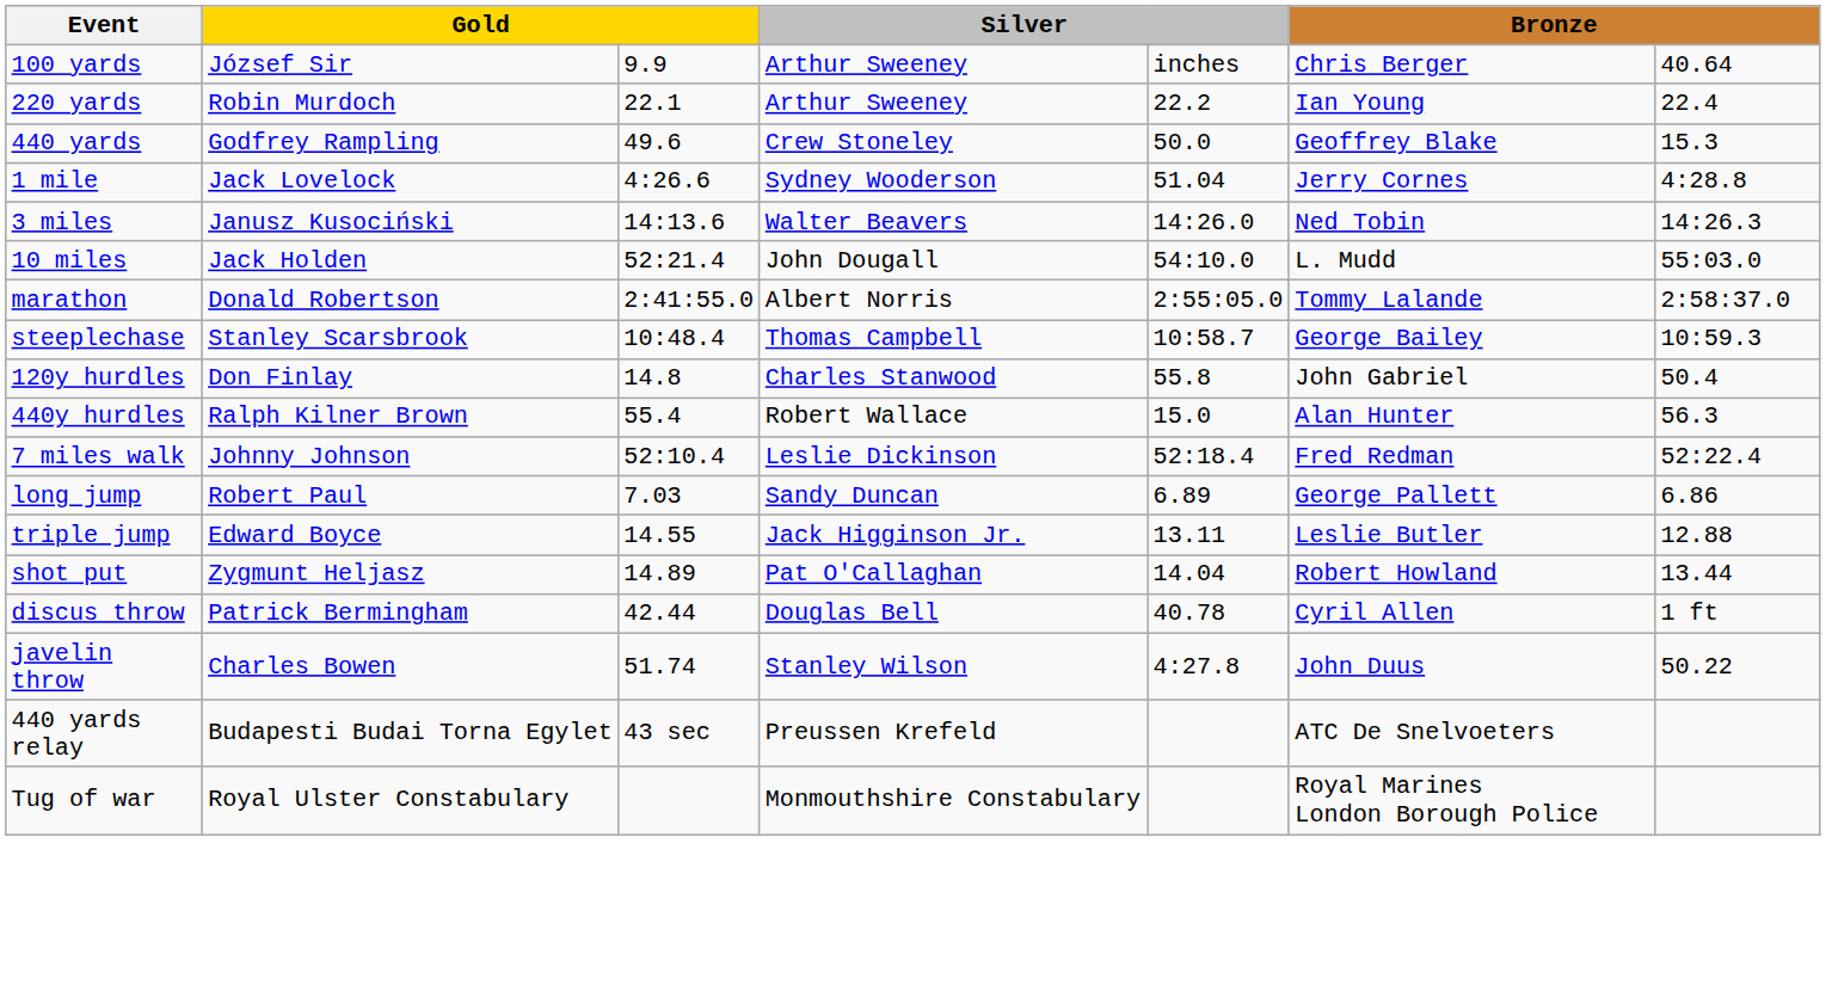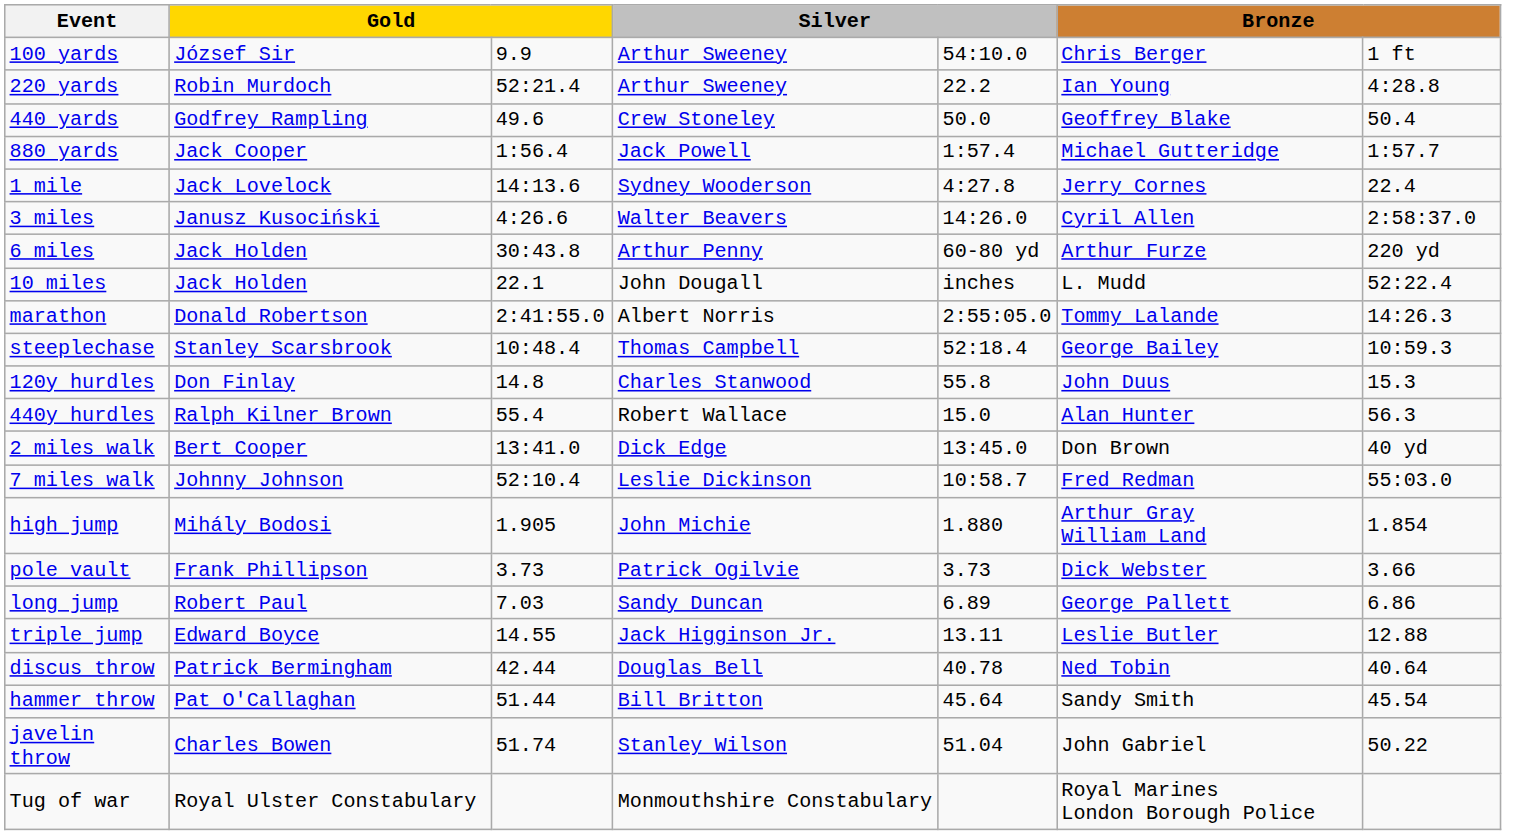 <table class="wikitable" style="text-align:left">
 <tr>
 <th width=100>Event</th>
 <th colspan="2" width="280" style="background:gold;">Gold</th>
 <th colspan="2" width="280" style="background:silver;">Silver</th>
 <th colspan="2" width="280" style="background:#CD7F32;">Bronze</th>
 </tr>
 <tr>
 <td><a href='#'>100 yards</a></td>
 <td> <a href='#'>József Sir</a></td>
 <td>9.9</td>
 <td><a href='#'>Arthur Sweeney</a></td>
-<td>inches</td>
+<td>54:10.0</td>
 <td> <a href='#'>Chris Berger</a></td>
-<td>40.64</td>
+<td>1 ft</td>
 </tr>
 <tr>
 <td><a href='#'>220 yards</a></td>
 <td> <a href='#'>Robin Murdoch</a></td>
-<td>22.1</td>
+<td>52:21.4</td>
 <td><a href='#'>Arthur Sweeney</a></td>
 <td>22.2</td>
 <td> <a href='#'>Ian Young</a></td>
-<td>22.4</td>
+<td>4:28.8</td>
 </tr>
 <tr>
 <td><a href='#'>440 yards</a></td>
 <td><a href='#'>Godfrey Rampling</a></td>
 <td>49.6</td>
 <td><a href='#'>Crew Stoneley</a></td>
 <td>50.0</td>
 <td><a href='#'>Geoffrey Blake</a></td>
-<td>15.3</td>
+<td>50.4</td>
+</tr>
+<tr>
+<td><a href='#'>880 yards</a></td>
+<td><a href='#'>Jack Cooper</a></td>
+<td>1:56.4</td>
+<td><a href='#'>Jack Powell</a></td>
+<td>1:57.4</td>
+<td><a href='#'>Michael Gutteridge</a></td>
+<td>1:57.7</td>
 </tr>
 <tr>
 <td><a href='#'>1 mile</a></td>
 <td> <a href='#'>Jack Lovelock</a></td>
-<td>4:26.6</td>
+<td>14:13.6</td>
 <td><a href='#'>Sydney Wooderson</a></td>
-<td>51.04</td>
+<td>4:27.8</td>
 <td><a href='#'>Jerry Cornes</a></td>
-<td>4:28.8</td>
+<td>22.4</td>
 </tr>
 <tr>
 <td><a href='#'>3 miles</a></td>
 <td> <a href='#'>Janusz Kusociński</a></td>
-<td>14:13.6</td>
+<td>4:26.6</td>
 <td><a href='#'>Walter Beavers</a></td>
 <td>14:26.0</td>
-<td> <a href='#'>Ned Tobin</a></td>
-<td>14:26.3</td>
+<td><a href='#'>Cyril Allen</a></td>
+<td>2:58:37.0</td>
+</tr>
+<tr>
+<td><a href='#'>6 miles</a></td>
+<td><a href='#'>Jack Holden</a></td>
+<td>30:43.8</td>
+<td><a href='#'>Arthur Penny</a></td>
+<td>60-80 yd</td>
+<td><a href='#'>Arthur Furze</a></td>
+<td>220 yd</td>
 </tr>
 <tr>
 <td><a href='#'>10 miles</a></td>
 <td><a href='#'>Jack Holden</a></td>
-<td>52:21.4</td>
+<td>22.1</td>
 <td>John Dougall</td>
-<td>54:10.0</td>
+<td>inches</td>
 <td>L. Mudd</td>
-<td>55:03.0</td>
+<td>52:22.4</td>
 </tr>
 <tr>
 <td><a href='#'>marathon</a></td>
 <td><a href='#'>Donald Robertson</a></td>
 <td>2:41:55.0</td>
 <td>Albert Norris</td>
 <td>2:55:05.0</td>
 <td> <a href='#'>Tommy Lalande</a></td>
-<td>2:58:37.0</td>
+<td>14:26.3</td>
 </tr>
 <tr>
 <td><a href='#'>steeplechase</a></td>
 <td><a href='#'>Stanley Scarsbrook</a></td>
 <td>10:48.4</td>
 <td><a href='#'>Thomas Campbell</a></td>
-<td>10:58.7</td>
+<td>52:18.4</td>
 <td><a href='#'>George Bailey</a></td>
 <td>10:59.3</td>
 </tr>
 <tr>
 <td><a href='#'>120y hurdles</a></td>
 <td><a href='#'>Don Finlay</a></td>
 <td>14.8</td>
 <td> <a href='#'>Charles Stanwood</a></td>
 <td>55.8</td>
-<td>John Gabriel</td>
-<td>50.4</td>
+<td><a href='#'>John Duus</a></td>
+<td>15.3</td>
 </tr>
 <tr>
 <td><a href='#'>440y hurdles</a></td>
 <td><a href='#'>Ralph Kilner Brown</a></td>
 <td>55.4</td>
 <td> Robert Wallace</td>
 <td>15.0</td>
 <td> <a href='#'>Alan Hunter</a></td>
 <td>56.3</td>
 </tr>
 <tr>
+<td><a href='#'>2 miles walk</a></td>
+<td><a href='#'>Bert Cooper</a></td>
+<td>13:41.0</td>
+<td><a href='#'>Dick Edge</a></td>
+<td>13:45.0</td>
+<td>Don Brown</td>
+<td>40 yd</td>
+</tr>
+<tr>
 <td><a href='#'>7 miles walk</a></td>
 <td><a href='#'>Johnny Johnson</a></td>
 <td>52:10.4</td>
 <td><a href='#'>Leslie Dickinson</a></td>
-<td>52:18.4</td>
+<td>10:58.7</td>
 <td><a href='#'>Fred Redman</a></td>
-<td>52:22.4</td>
+<td>55:03.0</td>
+</tr>
+<tr>
+<td><a href='#'>high jump</a></td>
+<td> <a href='#'>Mihály Bodosi</a></td>
+<td>1.905</td>
+<td> <a href='#'>John Michie</a></td>
+<td>1.880</td>
+<td><a href='#'>Arthur Gray</a> <br><a href='#'>William Land</a></td>
+<td>1.854</td>
+</tr>
+<tr>
+<td><a href='#'>pole vault</a></td>
+<td><a href='#'>Frank Phillipson</a></td>
+<td>3.73</td>
+<td> <a href='#'>Patrick Ogilvie</a></td>
+<td>3.73</td>
+<td><a href='#'>Dick Webster</a></td>
+<td>3.66</td>
 </tr>
 <tr>
 <td><a href='#'>long jump</a></td>
 <td> <a href='#'>Robert Paul</a></td>
 <td>7.03</td>
 <td><a href='#'>Sandy Duncan</a></td>
 <td>6.89</td>
 <td><a href='#'>George Pallett</a></td>
 <td>6.86</td>
 </tr>
 <tr>
 <td><a href='#'>triple jump</a></td>
 <td> <a href='#'>Edward Boyce</a></td>
 <td>14.55</td>
 <td><a href='#'>Jack Higginson Jr.</a></td>
 <td>13.11</td>
 <td><a href='#'>Leslie Butler</a></td>
 <td>12.88</td>
 </tr>
 <tr>
-<td><a href='#'>shot put</a></td>
-<td> <a href='#'>Zygmunt Heljasz</a></td>
-<td>14.89</td>
-<td> <a href='#'>Pat O'Callaghan</a></td>
-<td>14.04</td>
-<td><a href='#'>Robert Howland</a></td>
-<td>13.44</td>
-</tr>
-<tr>
 <td><a href='#'>discus throw</a></td>
 <td> <a href='#'>Patrick Bermingham</a></td>
 <td>42.44</td>
 <td><a href='#'>Douglas Bell</a></td>
 <td>40.78</td>
-<td><a href='#'>Cyril Allen</a></td>
-<td>1 ft</td>
+<td> <a href='#'>Ned Tobin</a></td>
+<td>40.64</td>
+</tr>
+<tr>
+<td><a href='#'>hammer throw</a></td>
+<td> <a href='#'>Pat O'Callaghan</a></td>
+<td>51.44</td>
+<td> <a href='#'>Bill Britton</a></td>
+<td>45.64</td>
+<td> Sandy Smith</td>
+<td>45.54</td>
 </tr>
 <tr>
 <td><a href='#'>javelin throw</a></td>
 <td><a href='#'>Charles Bowen</a></td>
 <td>51.74</td>
 <td><a href='#'>Stanley Wilson</a></td>
-<td>4:27.8</td>
-<td><a href='#'>John Duus</a></td>
+<td>51.04</td>
+<td>John Gabriel</td>
 <td>50.22</td>
-</tr>
-<tr>
-<td>440 yards relay</td>
-<td>Budapesti Budai Torna Egylet</td>
-<td>43 sec</td>
-<td>Preussen Krefeld</td>
-<td></td>
-<td>ATC De Snelvoeters</td>
-<td></td>
 </tr>
 <tr>
 <td>Tug of war</td>
 <td>Royal Ulster Constabulary</td>
 <td></td>
 <td>Monmouthshire Constabulary</td>
 <td></td>
 <td>Royal Marines<br>London Borough Police</td>
 <td></td>
 </tr>
 </table>
